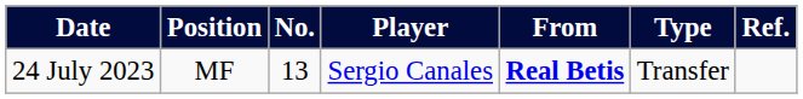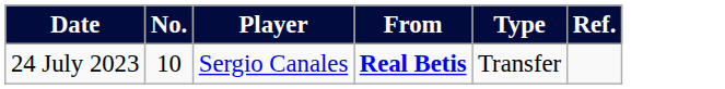 <table class="wikitable plainrowheaders sortable">
 <tr>
 <th style="background:#020B3E; color:#FFFFFF; ">Date</th>
-<th style="background:#020B3E; color:#FFFFFF; ">Position</th>
 <th style="background:#020B3E; color:#FFFFFF; ">No.</th>
 <th style="background:#020B3E; color:#FFFFFF; ">Player</th>
 <th style="background:#020B3E; color:#FFFFFF; ">From</th>
 <th style="background:#020B3E; color:#FFFFFF; ">Type</th>
 <th style="background:#020B3E; color:#FFFFFF; ">Ref.</th>
 </tr>
 <tr>
 <td>24 July 2023</td>
-<td style="text-align:center;">MF</td>
-<td style="text-align:center;">13</td>
+<td style="text-align:center;">10</td>
 <td style="text-align:left;"> <a href='#'>Sergio Canales</a></td>
 <td style="text-align:left;"><strong> <a href='#'>Real Betis</a></strong></td>
 <td>Transfer</td>
 <td></td>
 </tr>
 </table>
